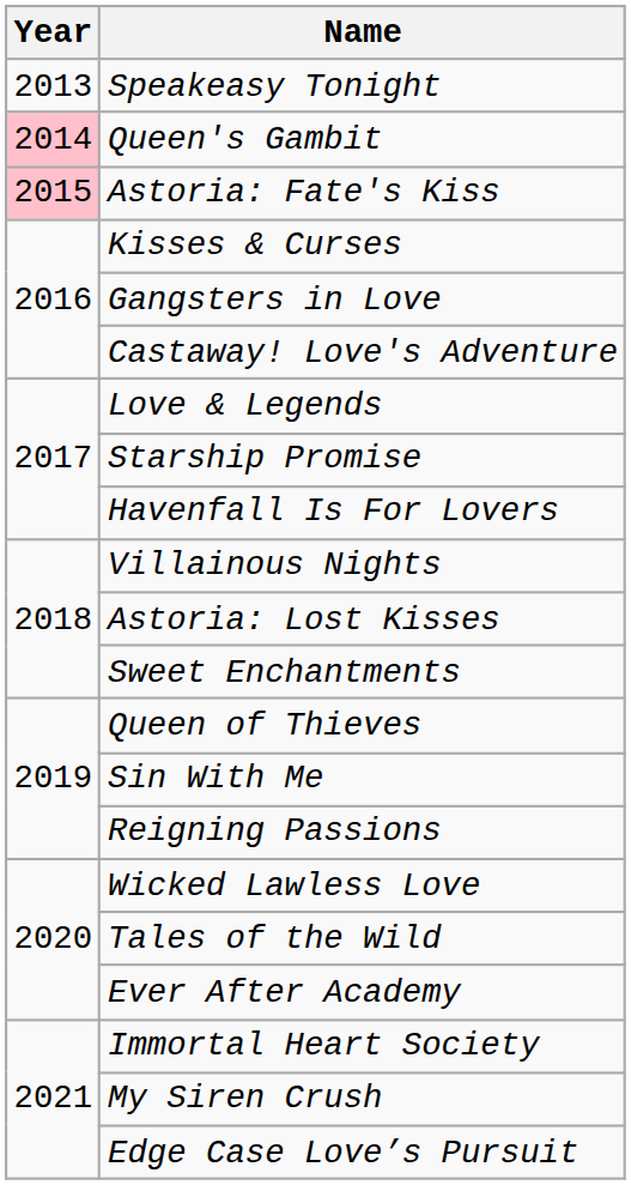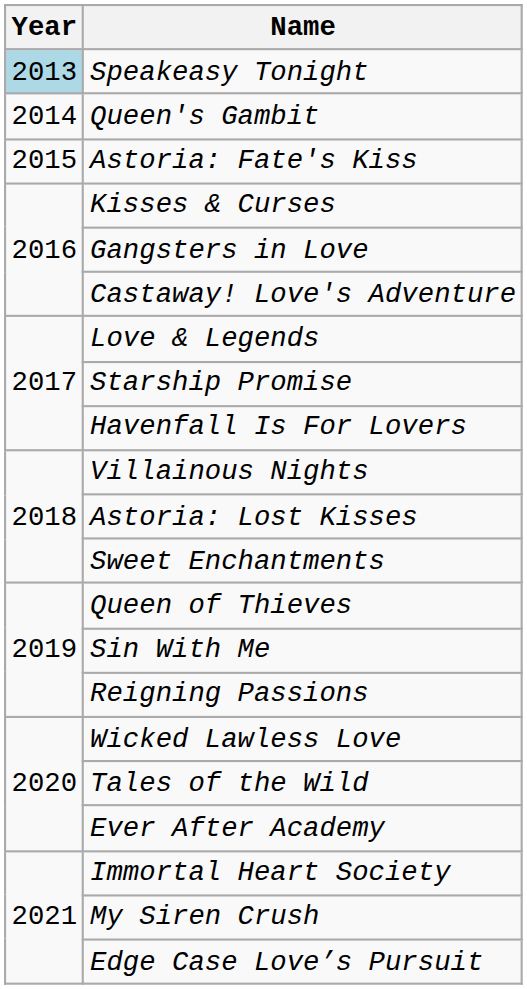 <table class="wikitable sortable">
 <tr>
 <th>Year</th>
 <th>Name</th>
 </tr>
 <tr>
-<td>2013</td>
+<td style="background: lightblue;">2013</td>
 <td><em>Speakeasy Tonight</em></td>
 </tr>
 <tr>
-<td style="background: pink;">2014</td>
+<td>2014</td>
 <td><em>Queen's Gambit</em></td>
 </tr>
 <tr>
-<td style="background: pink;">2015</td>
+<td>2015</td>
 <td><em>Astoria: Fate's Kiss</em></td>
 </tr>
 <tr>
 <td rowspan="3">2016</td>
 <td><em>Kisses & Curses</em></td>
 </tr>
 <tr>
 <td><em>Gangsters in Love</em></td>
 </tr>
 <tr>
 <td><em>Castaway! Love's Adventure</em></td>
 </tr>
 <tr>
 <td rowspan="3">2017</td>
 <td><em>Love & Legends</em></td>
 </tr>
 <tr>
 <td><em>Starship Promise</em></td>
 </tr>
 <tr>
 <td><em>Havenfall Is For Lovers</em></td>
 </tr>
 <tr>
 <td rowspan="3">2018</td>
 <td><em>Villainous Nights</em></td>
 </tr>
 <tr>
 <td><em>Astoria: Lost Kisses</em></td>
 </tr>
 <tr>
 <td><em>Sweet Enchantments</em></td>
 </tr>
 <tr>
 <td rowspan="3">2019</td>
 <td><em>Queen of Thieves</em></td>
 </tr>
 <tr>
 <td><em>Sin With Me</em></td>
 </tr>
 <tr>
 <td><em>Reigning Passions</em></td>
 </tr>
 <tr>
 <td rowspan="3">2020</td>
 <td><em>Wicked Lawless Love</em></td>
 </tr>
 <tr>
 <td><em>Tales of the Wild</em></td>
 </tr>
 <tr>
 <td><em>Ever After Academy</em></td>
 </tr>
 <tr>
 <td rowspan="3">2021</td>
 <td><em>Immortal Heart Society</em></td>
 </tr>
 <tr>
 <td><em>My Siren Crush</em></td>
 </tr>
 <tr>
 <td><em>Edge Case Love’s Pursuit</em></td>
 </tr>
 </table>
